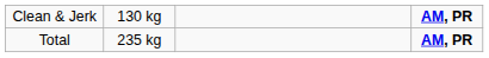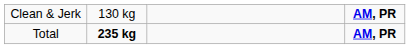 <table class = "wikitable" style="text-align:center;">
 <tr>
 <td width=100>Clean & Jerk</td>
 <td width=70>130 kg</td>
 <td width=250></td>
 <td width=70><strong><a href='#'>AM</a>, PR</strong></td>
 </tr>
 <tr>
 <td>Total</td>
-<td>235 kg</td>
+<td><strong>235 kg</strong></td>
 <td></td>
 <td><strong><a href='#'>AM</a>, PR</strong></td>
 </tr>
 </table>
